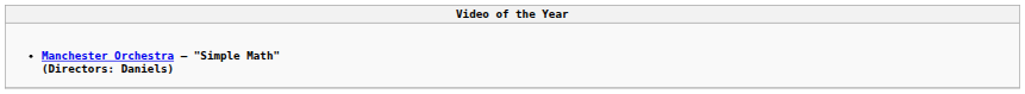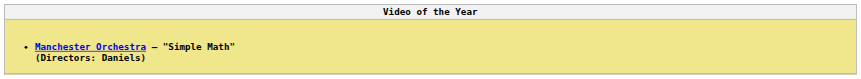 <table class="wikitable" style="width:95%">
 <tr bgcolor="#bebebe">
 <th width="100%">Video of the Year</th>
 </tr>
 <tr>
-<td valign="top"><br><ul><li><strong><a href='#'>Manchester Orchestra</a> – "Simple Math"</strong> <br> <strong>(Directors: Daniels)</strong></li></ul></td>
+<td valign="top" style="background: khaki;"><br><ul><li><strong><a href='#'>Manchester Orchestra</a> – "Simple Math"</strong> <br> <strong>(Directors: Daniels)</strong></li></ul></td>
 </tr>
 <tr>
 </tr>
 </table>
